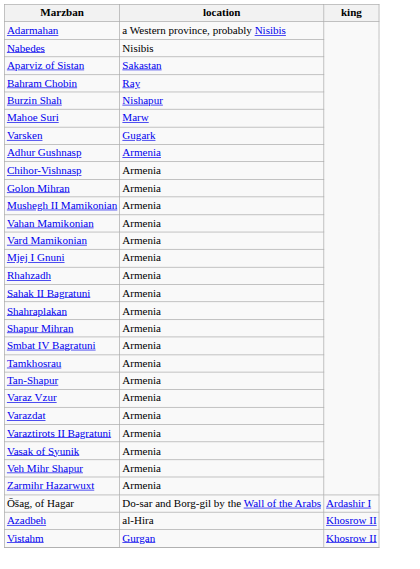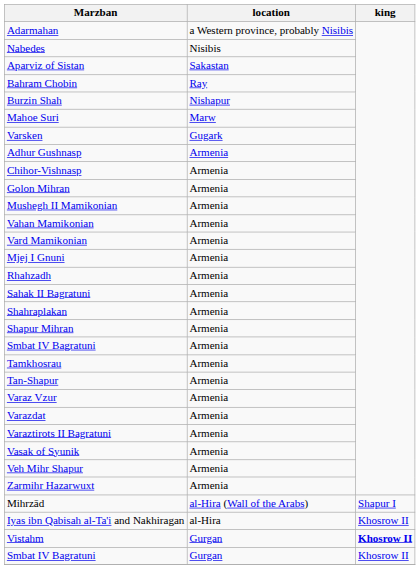 <table class="wikitable">
 <tr>
 <th>Marzban</th>
 <th>location</th>
 <th>king</th>
 </tr>
 <tr>
 <td><a href='#'>Adarmahan</a></td>
 <td>a Western province, probably <a href='#'>Nisibis</a></td>
 </tr>
 <tr>
 <td><a href='#'>Nabedes</a></td>
 <td>Nisibis</td>
 </tr>
 <tr>
 <td><a href='#'>Aparviz of Sistan</a></td>
 <td><a href='#'>Sakastan</a></td>
 </tr>
 <tr>
 <td><a href='#'>Bahram Chobin</a></td>
 <td><a href='#'>Ray</a></td>
 </tr>
 <tr>
 <td><a href='#'>Burzin Shah</a></td>
 <td><a href='#'>Nishapur</a></td>
 </tr>
 <tr>
 <td><a href='#'>Mahoe Suri</a></td>
 <td><a href='#'>Marw</a></td>
 </tr>
 <tr>
 <td><a href='#'>Varsken</a></td>
 <td><a href='#'>Gugark</a></td>
 </tr>
 <tr>
 <td><a href='#'>Adhur Gushnasp</a></td>
 <td><a href='#'>Armenia</a></td>
 </tr>
 <tr>
 <td><a href='#'>Chihor-Vishnasp</a></td>
 <td>Armenia</td>
 </tr>
 <tr>
 <td><a href='#'>Golon Mihran</a></td>
 <td>Armenia</td>
 </tr>
 <tr>
 <td><a href='#'>Mushegh II Mamikonian</a></td>
 <td>Armenia</td>
 </tr>
 <tr>
 <td><a href='#'>Vahan Mamikonian</a></td>
 <td>Armenia</td>
 </tr>
 <tr>
 <td><a href='#'>Vard Mamikonian</a></td>
 <td>Armenia</td>
 </tr>
 <tr>
 <td><a href='#'>Mjej I Gnuni</a></td>
 <td>Armenia</td>
 </tr>
 <tr>
 <td><a href='#'>Rhahzadh</a></td>
 <td>Armenia</td>
 </tr>
 <tr>
 <td><a href='#'>Sahak II Bagratuni</a></td>
 <td>Armenia</td>
 </tr>
 <tr>
 <td><a href='#'>Shahraplakan</a></td>
 <td>Armenia</td>
 </tr>
 <tr>
 <td><a href='#'>Shapur Mihran</a></td>
 <td>Armenia</td>
 </tr>
 <tr>
 <td><a href='#'>Smbat IV Bagratuni</a></td>
 <td>Armenia</td>
 </tr>
 <tr>
 <td><a href='#'>Tamkhosrau</a></td>
 <td>Armenia</td>
 </tr>
 <tr>
 <td><a href='#'>Tan-Shapur</a></td>
 <td>Armenia</td>
 </tr>
 <tr>
 <td><a href='#'>Varaz Vzur</a></td>
 <td>Armenia</td>
 </tr>
 <tr>
 <td><a href='#'>Varazdat</a></td>
 <td>Armenia</td>
 </tr>
 <tr>
 <td><a href='#'>Varaztirots II Bagratuni</a></td>
 <td>Armenia</td>
 </tr>
 <tr>
 <td><a href='#'>Vasak of Syunik</a></td>
 <td>Armenia</td>
 </tr>
 <tr>
 <td><a href='#'>Veh Mihr Shapur</a></td>
 <td>Armenia</td>
 </tr>
 <tr>
 <td><a href='#'>Zarmihr Hazarwuxt</a></td>
 <td>Armenia</td>
 </tr>
 <tr>
-<td>Ōšag, of Hagar</td>
-<td>Do-sar and Borg-gil by the <a href='#'>Wall of the Arabs</a></td>
-<td><a href='#'>Ardashir I</a></td>
+<td>Mihrzād</td>
+<td><a href='#'>al-Hira</a> (<a href='#'>Wall of the Arabs</a>)</td>
+<td><a href='#'>Shapur I</a></td>
 </tr>
 <tr>
-<td><a href='#'>Azadbeh</a></td>
+<td><a href='#'>Iyas ibn Qabisah al-Ta'i</a> and Nakhiragan</td>
 <td>al-Hira</td>
 <td><a href='#'>Khosrow II</a></td>
 </tr>
 <tr>
 <td><a href='#'>Vistahm</a></td>
 <td><a href='#'>Gurgan</a></td>
+<td><strong><a href='#'>Khosrow II</a></strong></td>
+</tr>
+<tr>
+<td><a href='#'>Smbat IV Bagratuni</a></td>
+<td><a href='#'>Gurgan</a></td>
 <td><a href='#'>Khosrow II</a></td>
 </tr>
 <tr>
 </tr>
 </table>
